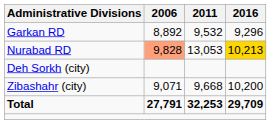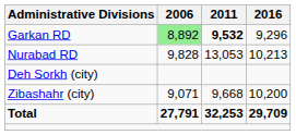 <table class="wikitable">
 <tr>
 <th>Administrative Divisions</th>
 <th>2006</th>
 <th>2011</th>
 <th>2016</th>
 </tr>
 <tr>
 <td><a href='#'>Garkan RD</a></td>
-<td style="text-align: right;">8,892</td>
-<td style="text-align: right;">9,532</td>
+<td style="background: lightgreen; text-align: right;">8,892</td>
+<td style="text-align: right;"><strong>9,532</strong></td>
 <td style="text-align: right;">9,296</td>
 </tr>
 <tr>
 <td><a href='#'>Nurabad RD</a></td>
-<td style="background: lightsalmon; text-align: right;">9,828</td>
+<td style="text-align: right;">9,828</td>
 <td style="text-align: right;">13,053</td>
-<td style="background: gold; text-align: right;">10,213</td>
+<td style="text-align: right;">10,213</td>
 </tr>
 <tr>
 <td><a href='#'>Deh Sorkh</a> (city)</td>
 <td style="text-align: right;"></td>
 <td style="text-align: right;"></td>
 <td style="text-align: right;"></td>
 </tr>
 <tr>
 <td><a href='#'>Zibashahr</a> (city)</td>
 <td style="text-align: right;">9,071</td>
 <td style="text-align: right;">9,668</td>
 <td style="text-align: right;">10,200</td>
 </tr>
 <tr>
 <td><strong>Total</strong></td>
 <td style="text-align: right;"><strong>27,791</strong></td>
 <td style="text-align: right;"><strong>32,253</strong></td>
 <td style="text-align: right;"><strong>29,709</strong></td>
 </tr>
 <tr>
 <td colspan=4></td>
 </tr>
 </table>
